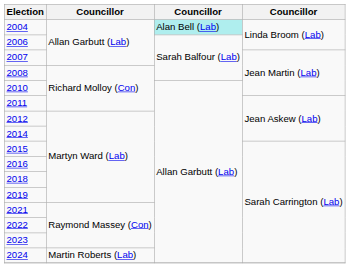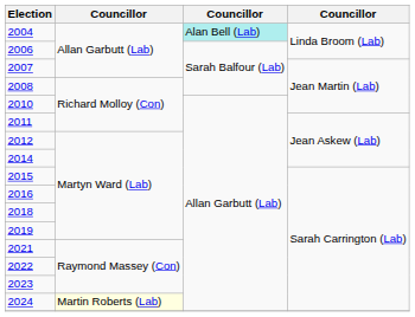 <table class="wikitable">
 <tr>
 <th>Election</th>
 <th>Councillor</th>
 <th>Councillor</th>
 <th>Councillor</th>
 </tr>
 <tr>
 <td><a href='#'>2004</a></td>
 <td rowspan="3">Allan Garbutt (<a href='#'>Lab</a>)</td>
 <td rowspan="1" style="background: paleturquoise;">Alan Bell (<a href='#'>Lab</a>)</td>
 <td rowspan="2">Linda Broom (<a href='#'>Lab</a>)</td>
 </tr>
 <tr>
 <td><a href='#'>2006</a></td>
 <td rowspan="3">Sarah Balfour (<a href='#'>Lab</a>)</td>
 </tr>
 <tr>
 <td><a href='#'>2007</a></td>
 <td rowspan="3">Jean Martin (<a href='#'>Lab</a>)</td>
 </tr>
 <tr>
 <td><a href='#'>2008</a></td>
 <td rowspan="3">Richard Molloy (<a href='#'>Con</a>)</td>
 </tr>
 <tr>
 <td><a href='#'>2010</a></td>
 <td rowspan="12">Allan Garbutt (<a href='#'>Lab</a>)</td>
 </tr>
 <tr>
 <td><a href='#'>2011</a></td>
 <td rowspan="3">Jean Askew (<a href='#'>Lab</a>)</td>
 </tr>
 <tr>
 <td><a href='#'>2012</a></td>
 <td rowspan="6">Martyn Ward (<a href='#'>Lab</a>)</td>
 </tr>
 <tr>
 <td><a href='#'>2014</a></td>
 </tr>
 <tr>
 <td><a href='#'>2015</a></td>
 <td rowspan="8">Sarah Carrington (<a href='#'>Lab</a>)</td>
 </tr>
 <tr>
 <td><a href='#'>2016</a></td>
 </tr>
 <tr>
 <td><a href='#'>2018</a></td>
 </tr>
 <tr>
 <td><a href='#'>2019</a></td>
 </tr>
 <tr>
 <td><a href='#'>2021</a></td>
 <td rowspan="3">Raymond Massey (<a href='#'>Con</a>)</td>
 </tr>
 <tr>
 <td><a href='#'>2022</a></td>
 </tr>
 <tr>
 <td><a href='#'>2023</a></td>
 </tr>
 <tr>
 <td><a href='#'>2024</a></td>
-<td rowspan="1">Martin Roberts (<a href='#'>Lab</a>)</td>
+<td rowspan="1" style="background: lightyellow;">Martin Roberts (<a href='#'>Lab</a>)</td>
 </tr>
 <tr>
 </tr>
 </table>
